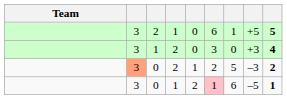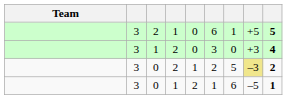 <table class="wikitable" style="text-align:center;">
 <tr>
 <th width=165>Team</th>
 <th width=20></th>
 <th width=20></th>
 <th width=20></th>
 <th width=20></th>
 <th width=20></th>
 <th width=20></th>
 <th width=20></th>
 <th width=20></th>
 </tr>
 <tr bgcolor="#ccffcc">
 <td align="left"></td>
 <td>3</td>
 <td>2</td>
 <td>1</td>
 <td>0</td>
 <td>6</td>
 <td>1</td>
 <td>+5</td>
 <td><strong>5</strong></td>
 </tr>
 <tr bgcolor="#ccffcc">
 <td align="left"></td>
 <td>3</td>
 <td>1</td>
 <td>2</td>
 <td>0</td>
 <td>3</td>
 <td>0</td>
 <td>+3</td>
 <td><strong>4</strong></td>
 </tr>
 <tr>
 <td align="left"></td>
-<td style="background: lightsalmon;">3</td>
+<td>3</td>
 <td>0</td>
 <td>2</td>
 <td>1</td>
 <td>2</td>
 <td>5</td>
-<td>–3</td>
+<td style="background: khaki;">–3</td>
 <td><strong>2</strong></td>
 </tr>
 <tr>
 <td align="left"></td>
 <td>3</td>
 <td>0</td>
 <td>1</td>
 <td>2</td>
-<td style="background: pink;">1</td>
+<td>1</td>
 <td>6</td>
 <td>–5</td>
 <td><strong>1</strong></td>
 </tr>
 </table>
